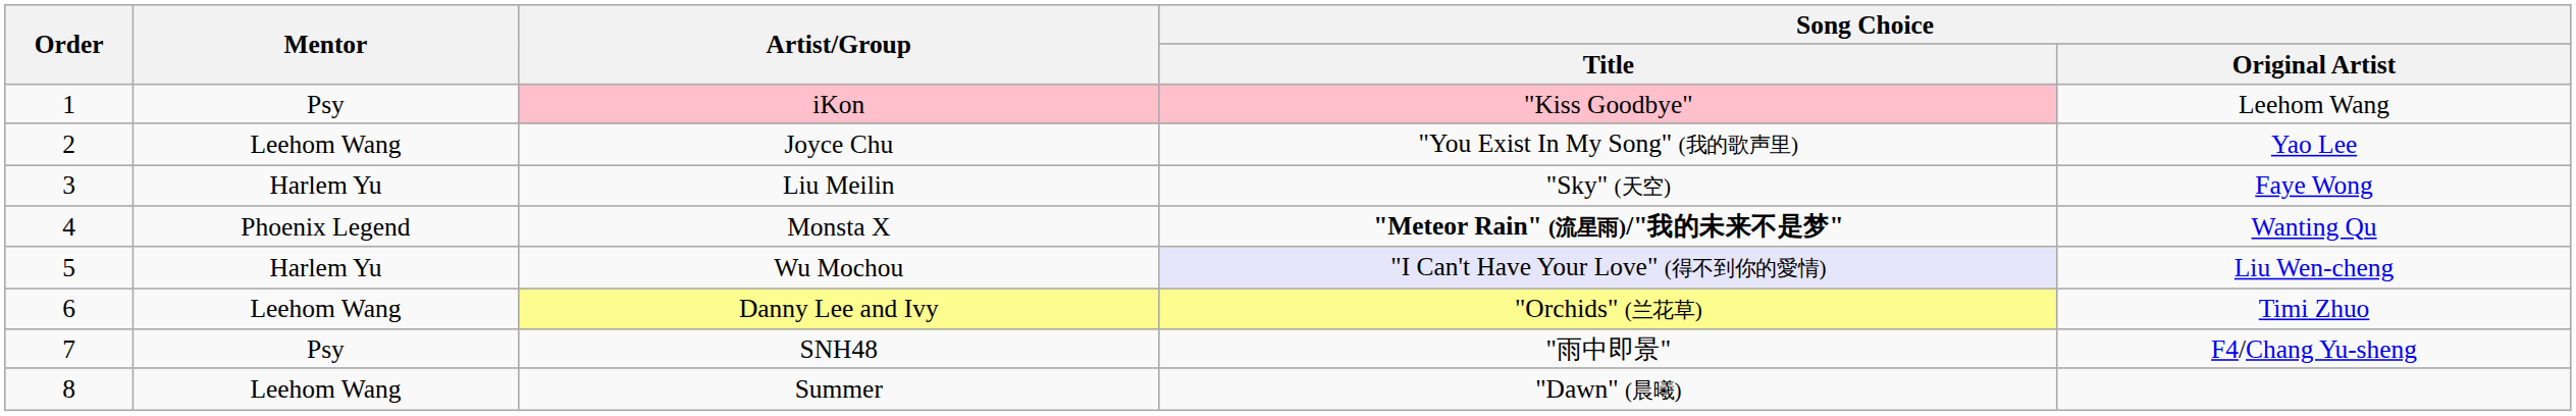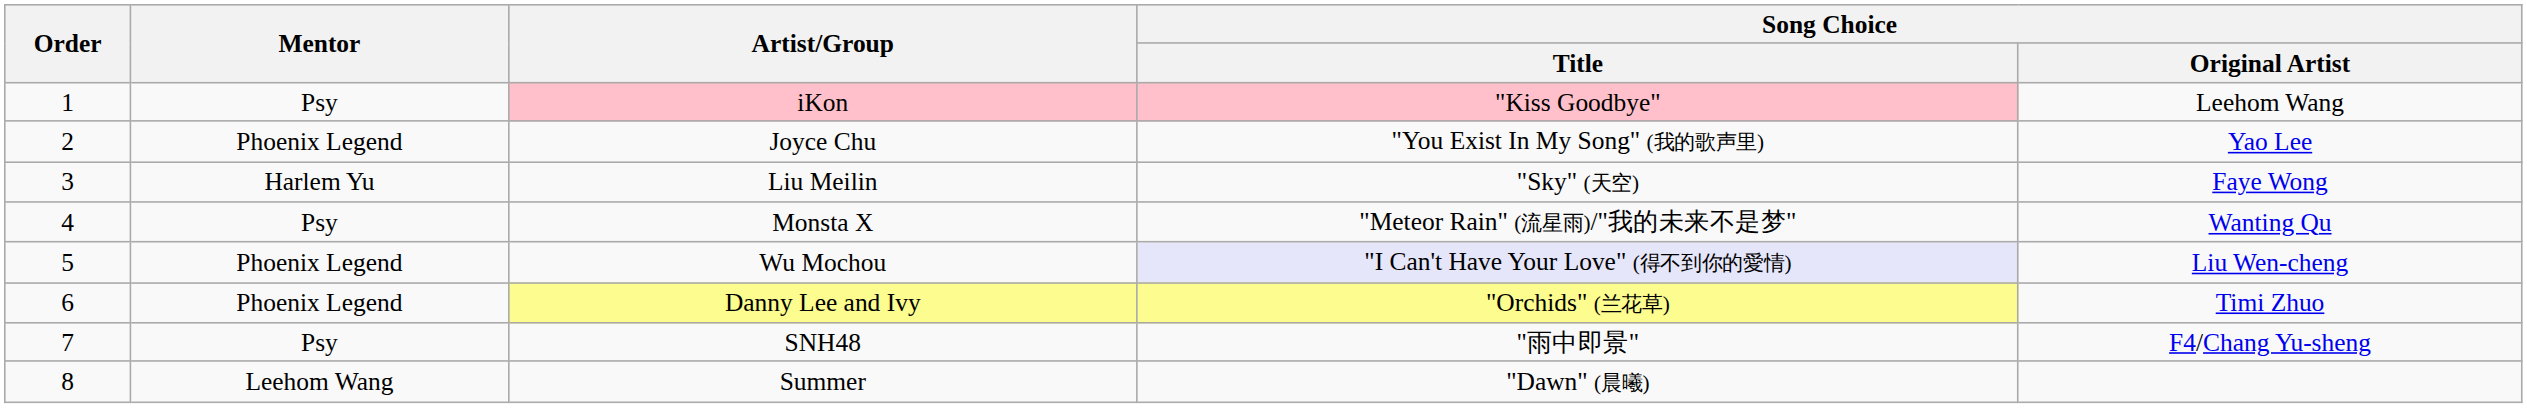 <table class="wikitable" style="text-align:center; line-height:17px; font-size:100%; width:100%;">
 <tr>
 <th scope="col" rowspan="2" width="05%">Order</th>
 <th scope="col" rowspan="2" width="15%">Mentor</th>
 <th scope="col" rowspan="2" width="25%">Artist/Group</th>
 <th scope="col" colspan="2">Song Choice</th>
 </tr>
 <tr>
 <th scope="col" width="35%">Title</th>
 <th scope="col" width="20%">Original Artist</th>
 </tr>
 <tr>
 <td scope="row">1</td>
 <td scope="row">Psy</td>
 <td style="background:pink; scope:row">iKon</td>
 <td style="background:pink; scope:row">"Kiss Goodbye"</td>
 <td scope="row">Leehom Wang</td>
 </tr>
 <tr>
 <td scope="row">2</td>
-<td scope="row">Leehom Wang</td>
+<td scope="row">Phoenix Legend</td>
 <td scope="row">Joyce Chu</td>
 <td scope="row">"You Exist In My Song" <small>(我的歌声里)</small></td>
 <td scope="row"><a href='#'>Yao Lee</a></td>
 </tr>
 <tr>
 <td scope="row">3</td>
 <td scope="row">Harlem Yu</td>
 <td scope="row">Liu Meilin</td>
 <td scope="row">"Sky" <small>(天空)</small></td>
 <td scope="row"><a href='#'>Faye Wong</a></td>
 </tr>
 <tr>
 <td scope="row">4</td>
-<td scope="row">Phoenix Legend</td>
+<td scope="row">Psy</td>
 <td scope="row">Monsta X</td>
-<td scope="row"><strong>"Meteor Rain" <small>(流星雨)</small>/"我的未来不是梦"</strong></td>
+<td scope="row">"Meteor Rain" <small>(流星雨)</small>/"我的未来不是梦"</td>
 <td scope="row"><a href='#'>Wanting Qu</a></td>
 </tr>
 <tr>
 <td scope="row">5</td>
-<td scope="row">Harlem Yu</td>
+<td scope="row">Phoenix Legend</td>
 <td scope="row">Wu Mochou</td>
 <td scope="row" style="background: lavender;">"I Can't Have Your Love" <small>(得不到你的愛情)</small></td>
 <td scope="row"><a href='#'>Liu Wen-cheng</a></td>
 </tr>
 <tr>
 <td scope="row">6</td>
-<td scope="row">Leehom Wang</td>
+<td scope="row">Phoenix Legend</td>
 <td style="background:#fdfc8f; scope:row">Danny Lee and Ivy</td>
 <td style="background:#fdfc8f; scope:row">"Orchids" <small>(兰花草)</small></td>
 <td scope="row"><a href='#'>Timi Zhuo</a></td>
 </tr>
 <tr>
 <td scope="row">7</td>
 <td scope="row">Psy</td>
 <td scope="row">SNH48</td>
 <td scope="row">"雨中即景"</td>
 <td scope="row"><a href='#'>F4</a>/<a href='#'>Chang Yu-sheng</a></td>
 </tr>
 <tr>
 <td scope="row">8</td>
 <td scope="row">Leehom Wang</td>
 <td scope="row">Summer</td>
 <td scope="row">"Dawn" <small>(晨曦)</small></td>
 <td scope="row"></td>
 </tr>
 </table>
